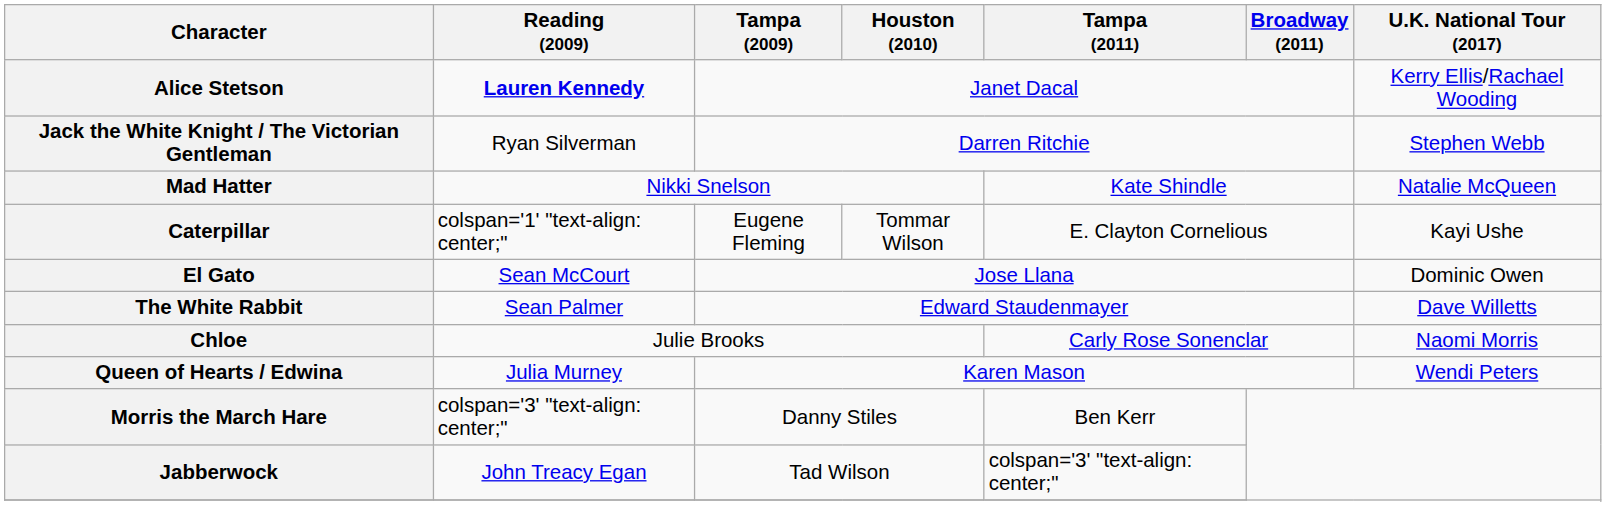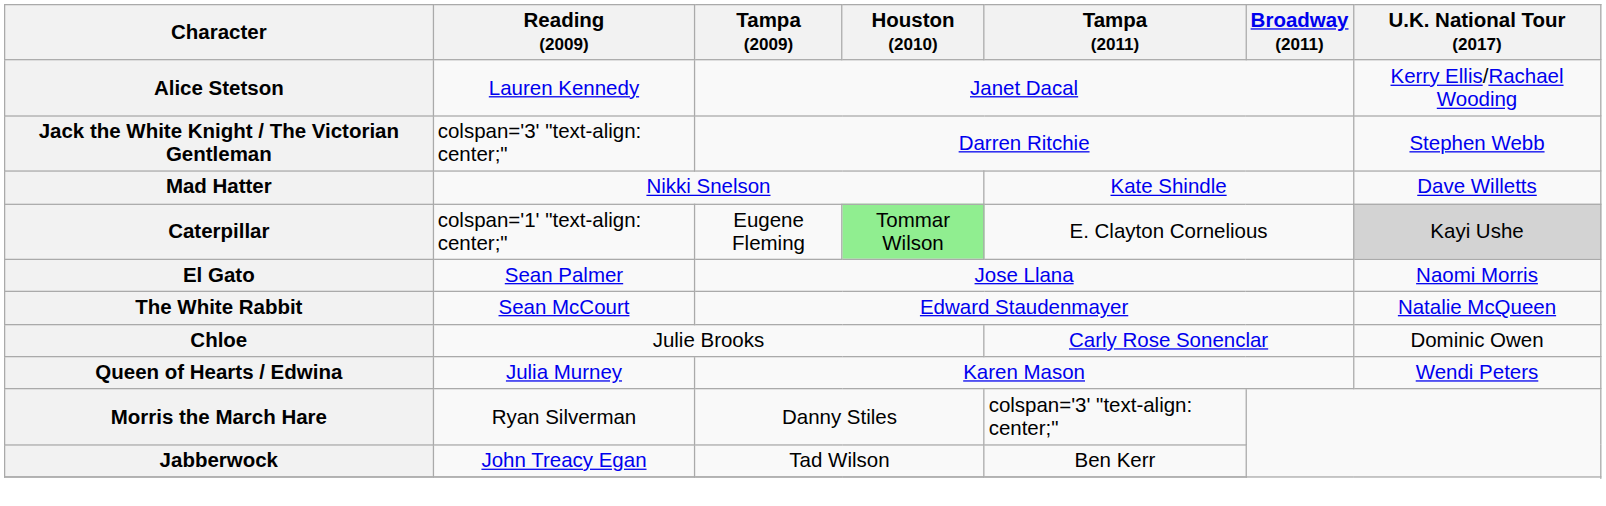 <table class="wikitable" style="width:1000;">
 <tr>
 <th>Character</th>
 <th>Reading<br><small>(2009)</small></th>
 <th>Tampa<br><small>(2009)</small></th>
 <th>Houston <br><small>(2010)</small></th>
 <th>Tampa<br><small>(2011)</small></th>
 <th><a href='#'>Broadway</a><br><small>(2011)</small></th>
 <th>U.K. National Tour<br><small>(2017)</small></th>
 </tr>
 <tr>
 <th>Alice Stetson</th>
-<td colspan='1' align=center><strong><a href='#'>Lauren Kennedy</a></strong></td>
+<td colspan='1' align=center><a href='#'>Lauren Kennedy</a></td>
 <td colspan='4' align=center><a href='#'>Janet Dacal</a></td>
 <td colspan='1' align=center><a href='#'>Kerry Ellis</a>/<a href='#'>Rachael Wooding</a></td>
 </tr>
 <tr>
 <th>Jack the White Knight / The Victorian Gentleman</th>
-<td colspan='1' align=center>Ryan Silverman</td>
+<td>colspan='3' "text-align: center;" </td>
 <td colspan='4' align=center><a href='#'>Darren Ritchie</a></td>
 <td colspan='1' align=center><a href='#'>Stephen Webb</a></td>
 </tr>
 <tr>
 <th>Mad Hatter</th>
 <td colspan='3' align=center><a href='#'>Nikki Snelson</a></td>
 <td colspan='2' align=center><a href='#'>Kate Shindle</a></td>
-<td colspan='1' align=center><a href='#'>Natalie McQueen</a></td>
+<td colspan='1' align=center><a href='#'>Dave Willetts</a></td>
 </tr>
 <tr>
 <th>Caterpillar</th>
 <td>colspan='1' "text-align: center;" </td>
 <td colspan='1' align=center>Eugene Fleming</td>
-<td colspan='1' align=center>Tommar Wilson</td>
+<td colspan='1' align=center style="background: lightgreen;">Tommar Wilson</td>
 <td colspan='2' align=center>E. Clayton Cornelious</td>
-<td colspan='1' align=center>Kayi Ushe</td>
+<td colspan='1' align=center style="background: lightgrey;">Kayi Ushe</td>
 </tr>
 <tr>
 <th>El Gato</th>
-<td colspan='1' align=center><a href='#'>Sean McCourt</a></td>
+<td colspan='1' align=center><a href='#'>Sean Palmer</a></td>
 <td colspan='4' align=center><a href='#'>Jose Llana</a></td>
-<td colspan='1' align=center>Dominic Owen</td>
+<td colspan='1' align=center><a href='#'>Naomi Morris</a></td>
 </tr>
 <tr>
 <th>The White Rabbit</th>
-<td colspan='1' align=center><a href='#'>Sean Palmer</a></td>
+<td colspan='1' align=center><a href='#'>Sean McCourt</a></td>
 <td colspan='4' align=center><a href='#'>Edward Staudenmayer</a></td>
-<td colspan='1' align=center><a href='#'>Dave Willetts</a></td>
+<td colspan='1' align=center><a href='#'>Natalie McQueen</a></td>
 </tr>
 <tr>
 <th>Chloe</th>
 <td colspan='3' align=center>Julie Brooks</td>
 <td colspan='2' align=center><a href='#'>Carly Rose Sonenclar</a></td>
-<td colspan='1' align=center><a href='#'>Naomi Morris</a></td>
+<td colspan='1' align=center>Dominic Owen</td>
 </tr>
 <tr>
 <th>Queen of Hearts / Edwina</th>
 <td colspan='1' align=center><a href='#'>Julia Murney</a></td>
 <td colspan='4' align=center><a href='#'>Karen Mason</a></td>
 <td colspan='1' align=center><a href='#'>Wendi Peters</a></td>
 </tr>
 <tr>
 <th>Morris the March Hare</th>
+<td colspan='1' align=center>Ryan Silverman</td>
+<td colspan='2' align=center>Danny Stiles</td>
 <td>colspan='3' "text-align: center;" </td>
-<td colspan='2' align=center>Danny Stiles</td>
-<td colspan='1' align=center>Ben Kerr</td>
 </tr>
 <tr>
 <th>Jabberwock</th>
 <td colspan='1' align=center><a href='#'>John Treacy Egan</a></td>
 <td colspan='2' align=center>Tad Wilson</td>
-<td>colspan='3' "text-align: center;" </td>
+<td colspan='1' align=center>Ben Kerr</td>
 </tr>
 <tr>
 </tr>
 </table>
